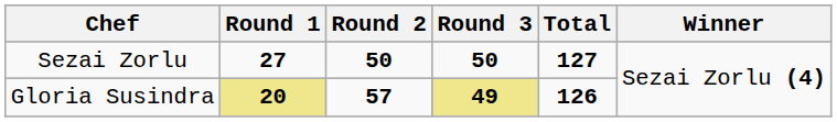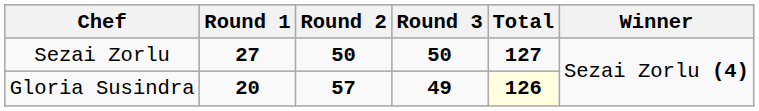 <table class="wikitable"  style="float:left; margin:auto; text-align:center;">
 <tr>
 <th>Chef</th>
 <th>Round 1</th>
 <th>Round 2</th>
 <th>Round 3</th>
 <th>Total</th>
 <th>Winner</th>
 </tr>
 <tr>
 <td>Sezai Zorlu</td>
 <td><strong>27</strong></td>
 <td><strong>50</strong></td>
 <td><strong>50</strong></td>
 <td><strong>127</strong></td>
 <td rowspan=2>Sezai Zorlu <strong>(4)</strong></td>
 </tr>
 <tr>
 <td>Gloria Susindra</td>
-<td style="background: khaki;"><strong>20</strong></td>
+<td><strong>20</strong></td>
 <td><strong>57</strong></td>
-<td style="background: khaki;"><strong>49</strong></td>
-<td><strong>126</strong></td>
+<td><strong>49</strong></td>
+<td style="background: lightyellow;"><strong>126</strong></td>
 </tr>
 </table>
